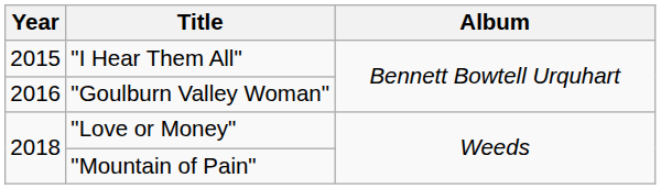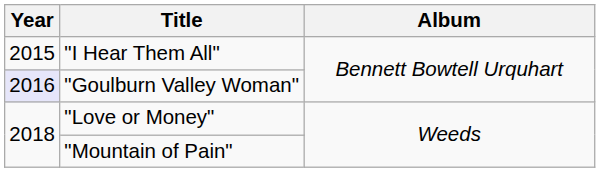 <table class="wikitable" style="text-align:center;">
 <tr>
 <th scope="col">Year</th>
 <th scope="col">Title</th>
 <th scope="col" width="220">Album</th>
 </tr>
 <tr>
 <td>2015</td>
 <td align="left">"I Hear Them All"</td>
 <td rowspan="2"><em>Bennett Bowtell Urquhart</em></td>
 </tr>
 <tr>
-<td>2016</td>
+<td style="background: lavender;">2016</td>
 <td align="left">"Goulburn Valley Woman"</td>
 </tr>
 <tr>
 <td rowspan="2">2018</td>
 <td align="left">"Love or Money"</td>
 <td rowspan="2"><em>Weeds</em></td>
 </tr>
 <tr>
 <td align="left">"Mountain of Pain"</td>
 </tr>
 </table>
